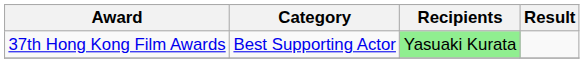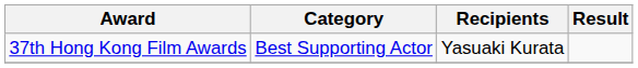 <table class="wikitable">
 <tr>
 <th>Award</th>
 <th>Category</th>
 <th>Recipients</th>
 <th>Result</th>
 </tr>
 <tr>
 <td rowspan=1><a href='#'>37th Hong Kong Film Awards</a></td>
 <td><a href='#'>Best Supporting Actor</a></td>
-<td style="background: lightgreen;">Yasuaki Kurata</td>
+<td>Yasuaki Kurata</td>
 <td></td>
 </tr>
 <tr>
 </tr>
 </table>
